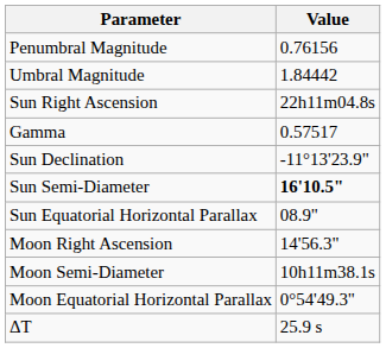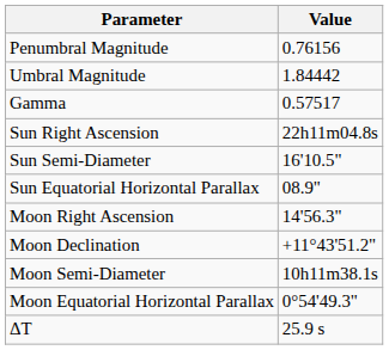 <table class="wikitable">
 <tr>
 <th>Parameter</th>
 <th>Value</th>
 </tr>
 <tr>
 <td>Penumbral Magnitude</td>
 <td>0.76156</td>
 </tr>
 <tr>
 <td>Umbral Magnitude</td>
 <td>1.84442</td>
 </tr>
 <tr>
+<td>Gamma</td>
+<td>0.57517</td>
+</tr>
+<tr>
 <td>Sun Right Ascension</td>
 <td>22h11m04.8s</td>
 </tr>
 <tr>
-<td>Gamma</td>
-<td>0.57517</td>
-</tr>
-<tr>
-<td>Sun Declination</td>
-<td>-11°13'23.9"</td>
-</tr>
-<tr>
 <td>Sun Semi-Diameter</td>
-<td><strong>16'10.5"</strong></td>
+<td>16'10.5"</td>
 </tr>
 <tr>
 <td>Sun Equatorial Horizontal Parallax</td>
 <td>08.9"</td>
 </tr>
 <tr>
 <td>Moon Right Ascension</td>
 <td>14'56.3"</td>
+</tr>
+<tr>
+<td>Moon Declination</td>
+<td>+11°43'51.2"</td>
 </tr>
 <tr>
 <td>Moon Semi-Diameter</td>
 <td>10h11m38.1s</td>
 </tr>
 <tr>
 <td>Moon Equatorial Horizontal Parallax</td>
 <td>0°54'49.3"</td>
 </tr>
 <tr>
 <td>ΔT</td>
 <td>25.9 s</td>
 </tr>
 </table>
